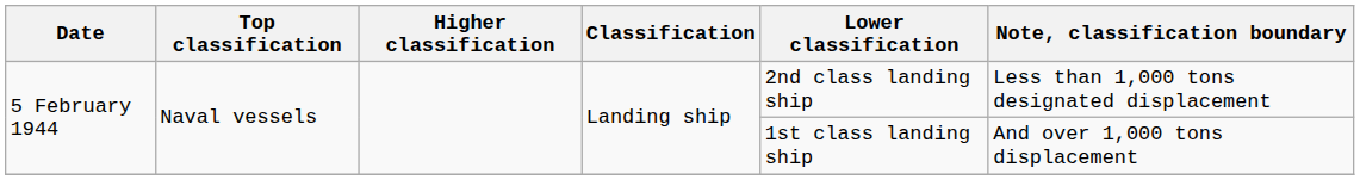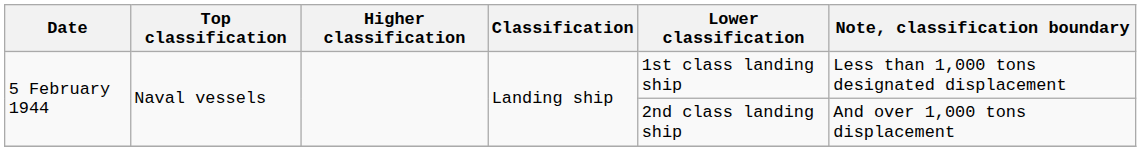 <table class="wikitable">
 <tr>
 <th>Date</th>
 <th>Top classification</th>
 <th>Higher classification</th>
 <th>Classification</th>
 <th>Lower classification</th>
 <th>Note, classification boundary</th>
 </tr>
 <tr>
 <td rowspan="2">5 February 1944</td>
 <td rowspan="2">Naval vessels</td>
 <td rowspan="2"></td>
 <td rowspan="2">Landing ship</td>
-<td>2nd class landing ship</td>
+<td>1st class landing ship</td>
 <td>Less than 1,000 tons designated displacement</td>
 </tr>
 <tr>
-<td>1st class landing ship</td>
+<td>2nd class landing ship</td>
 <td>And over 1,000 tons displacement</td>
 </tr>
 <tr>
 </tr>
 </table>
